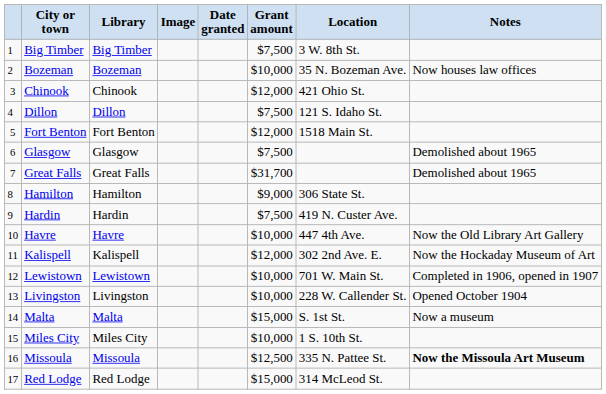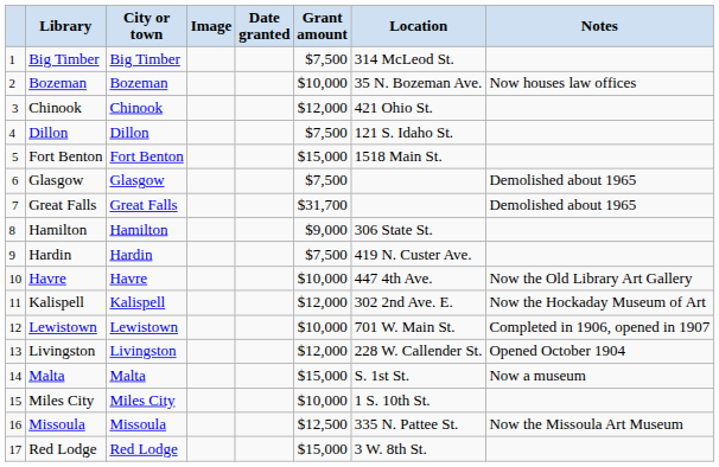 <table class="wikitable sortable" align="center">
 <tr>
 <th style="background-color:#CEE0F2;"></th>
+<th style="background-color:#CEE0F2;">Library</th>
 <th style="background-color:#CEE0F2;">City or<br>town</th>
-<th style="background-color:#CEE0F2;">Library</th>
 <th style="background-color:#CEE0F2;" class="unsortable">Image</th>
 <th style="background-color:#CEE0F2;">Date<br>granted</th>
 <th style="background-color:#CEE0F2;">Grant<br>amount</th>
 <th style="background-color:#CEE0F2;">Location</th>
 <th style="background-color:#CEE0F2;" class="unsortable">Notes</th>
 </tr>
 <tr ->
 <td><small>1</small></td>
 <td><a href='#'>Big Timber</a></td>
 <td><a href='#'>Big Timber</a></td>
 <td></td>
 <td></td>
 <td align=right>$7,500</td>
-<td>3 W. 8th St.</td>
+<td>314 McLeod St.<br><small></small></td>
 <td></td>
 </tr>
 <tr ->
 <td><small>2</small></td>
 <td><a href='#'>Bozeman</a></td>
 <td><a href='#'>Bozeman</a></td>
 <td></td>
 <td></td>
 <td align=right>$10,000</td>
 <td>35 N. Bozeman Ave.<br><small></small></td>
 <td>Now houses law offices</td>
 </tr>
 <tr ->
 <td align=center><small>3</small></td>
+<td>Chinook</td>
 <td><a href='#'>Chinook</a></td>
-<td>Chinook</td>
 <td></td>
 <td></td>
 <td align=right>$12,000</td>
 <td>421 Ohio St.</td>
 <td></td>
 </tr>
 <tr ->
 <td><small>4</small></td>
 <td><a href='#'>Dillon</a></td>
 <td><a href='#'>Dillon</a></td>
 <td></td>
 <td></td>
 <td align=right>$7,500</td>
 <td>121 S. Idaho St.<br><small></small></td>
 <td></td>
 </tr>
 <tr ->
 <td align=center><small>5</small></td>
+<td>Fort Benton</td>
 <td><a href='#'>Fort Benton</a></td>
-<td>Fort Benton</td>
 <td></td>
 <td></td>
-<td align=right>$12,000</td>
+<td align=right>$15,000</td>
 <td>1518 Main St.</td>
 <td></td>
 </tr>
 <tr ->
 <td align=center><small>6</small></td>
+<td>Glasgow</td>
 <td><a href='#'>Glasgow</a></td>
-<td>Glasgow</td>
 <td></td>
 <td></td>
 <td align=right>$7,500</td>
 <td></td>
 <td>Demolished about 1965</td>
 </tr>
 <tr ->
 <td align=center><small>7</small></td>
+<td>Great Falls</td>
 <td><a href='#'>Great Falls</a></td>
-<td>Great Falls</td>
 <td></td>
 <td></td>
 <td align=right>$31,700</td>
 <td></td>
 <td>Demolished about 1965</td>
 </tr>
 <tr ->
 <td><small>8</small></td>
+<td>Hamilton</td>
 <td><a href='#'>Hamilton</a></td>
-<td>Hamilton</td>
 <td></td>
 <td></td>
 <td align=right>$9,000</td>
 <td>306 State St.</td>
 <td></td>
 </tr>
 <tr ->
 <td><small>9</small></td>
+<td>Hardin</td>
 <td><a href='#'>Hardin</a></td>
-<td>Hardin</td>
 <td></td>
 <td></td>
 <td align=right>$7,500</td>
 <td>419 N. Custer Ave.</td>
 <td></td>
 </tr>
 <tr ->
 <td><small>10</small></td>
 <td><a href='#'>Havre</a></td>
 <td><a href='#'>Havre</a></td>
 <td></td>
 <td></td>
 <td align=right>$10,000</td>
 <td>447 4th Ave.<br><small></small></td>
 <td>Now the Old Library Art Gallery</td>
 </tr>
 <tr ->
 <td><small>11</small></td>
+<td>Kalispell</td>
 <td><a href='#'>Kalispell</a></td>
-<td>Kalispell</td>
 <td></td>
 <td></td>
 <td align=right>$12,000</td>
 <td>302 2nd Ave. E.</td>
 <td>Now the Hockaday Museum of Art</td>
 </tr>
 <tr ->
 <td><small>12</small></td>
 <td><a href='#'>Lewistown</a></td>
 <td><a href='#'>Lewistown</a></td>
 <td></td>
 <td></td>
 <td align=right>$10,000</td>
 <td>701 W. Main St.<br><small></small></td>
 <td>Completed in 1906, opened in 1907</td>
 </tr>
 <tr ->
 <td align=center><small>13</small></td>
+<td>Livingston</td>
 <td><a href='#'>Livingston</a></td>
-<td>Livingston</td>
 <td></td>
 <td></td>
-<td align=right>$10,000</td>
+<td align=right>$12,000</td>
 <td>228 W. Callender St.</td>
 <td>Opened October 1904</td>
 </tr>
 <tr ->
 <td><small>14</small></td>
 <td><a href='#'>Malta</a></td>
 <td><a href='#'>Malta</a></td>
 <td></td>
 <td></td>
 <td align=right>$15,000</td>
 <td>S. 1st St.<br><small></small></td>
 <td>Now a museum</td>
 </tr>
 <tr ->
 <td align=center><small>15</small></td>
+<td>Miles City</td>
 <td><a href='#'>Miles City</a></td>
-<td>Miles City</td>
 <td></td>
 <td></td>
 <td align=right>$10,000</td>
 <td>1 S. 10th St.</td>
 <td></td>
 </tr>
 <tr ->
 <td><small>16</small></td>
 <td><a href='#'>Missoula</a></td>
 <td><a href='#'>Missoula</a></td>
 <td></td>
 <td></td>
 <td align=right>$12,500</td>
 <td>335 N. Pattee St.<br><small></small></td>
-<td><strong>Now the Missoula Art Museum</strong></td>
+<td>Now the Missoula Art Museum</td>
 </tr>
 <tr ->
 <td><small>17</small></td>
+<td>Red Lodge</td>
 <td><a href='#'>Red Lodge</a></td>
-<td>Red Lodge</td>
 <td></td>
 <td></td>
 <td align=right>$15,000</td>
-<td>314 McLeod St.<br><small></small></td>
+<td>3 W. 8th St.</td>
 <td></td>
 </tr>
 </table>
